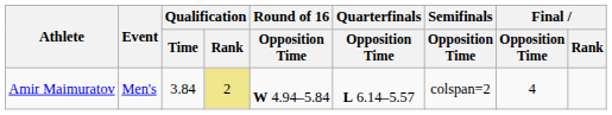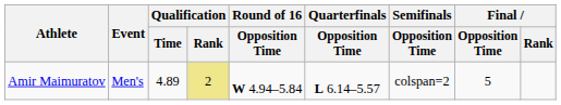 <table class="wikitable" style="font-size:90%; text-align:center">
 <tr>
 <th rowspan=2>Athlete</th>
 <th rowspan=2>Event</th>
 <th colspan="2">Qualification</th>
 <th>Round of 16</th>
 <th>Quarterfinals</th>
 <th>Semifinals</th>
 <th colspan="2">Final / </th>
 </tr>
 <tr style="font-size:95%">
 <th>Time</th>
 <th>Rank</th>
 <th>Opposition<br>Time</th>
 <th>Opposition<br>Time</th>
 <th>Opposition<br>Time</th>
 <th>Opposition<br>Time</th>
 <th>Rank</th>
 </tr>
 <tr align=center>
 <td align=left><a href='#'>Amir Maimuratov</a></td>
 <td align=left><a href='#'>Men's</a></td>
-<td>3.84</td>
+<td>4.89</td>
 <td style="background: khaki;">2</td>
 <td><br><strong>W</strong> 4.94–5.84</td>
 <td><br><strong>L</strong> 6.14–5.57</td>
 <td>colspan=2 </td>
-<td>4</td>
+<td>5</td>
 </tr>
 </table>
